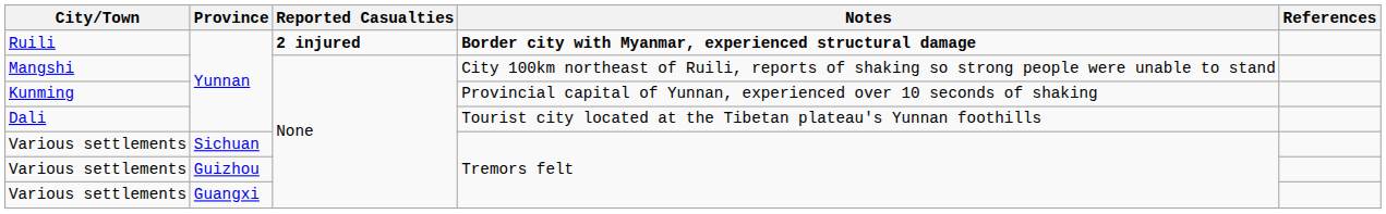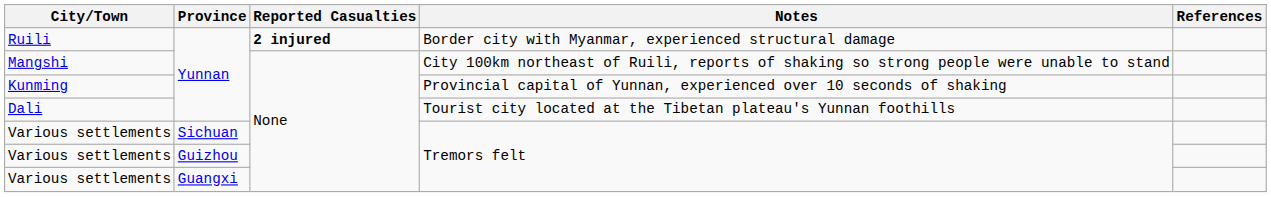 <table class="wikitable">
 <tr>
 <th>City/Town</th>
 <th>Province</th>
 <th>Reported Casualties</th>
 <th>Notes</th>
 <th>References</th>
 </tr>
 <tr>
 <td><a href='#'>Ruili</a></td>
 <td rowspan="4"><a href='#'>Yunnan</a></td>
 <td><strong>2 injured</strong></td>
-<td><strong>Border city with Myanmar, experienced structural damage</strong></td>
+<td>Border city with Myanmar, experienced structural damage</td>
 <td></td>
 </tr>
 <tr>
 <td><a href='#'>Mangshi</a></td>
 <td rowspan="6">None</td>
 <td>City 100km northeast of Ruili, reports of shaking so strong people were unable to stand</td>
 <td></td>
 </tr>
 <tr>
 <td><a href='#'>Kunming</a></td>
 <td>Provincial capital of Yunnan, experienced over 10 seconds of shaking</td>
 <td></td>
 </tr>
 <tr>
 <td><a href='#'>Dali</a></td>
 <td>Tourist city located at the Tibetan plateau's Yunnan foothills</td>
 <td></td>
 </tr>
 <tr>
 <td>Various settlements</td>
 <td><a href='#'>Sichuan</a></td>
 <td rowspan="3">Tremors felt</td>
 <td></td>
 </tr>
 <tr>
 <td>Various settlements</td>
 <td><a href='#'>Guizhou</a></td>
 <td></td>
 </tr>
 <tr>
 <td>Various settlements</td>
 <td><a href='#'>Guangxi</a></td>
 <td></td>
 </tr>
 </table>
